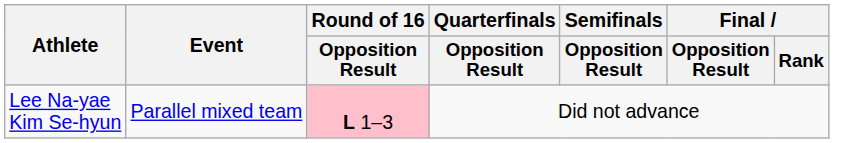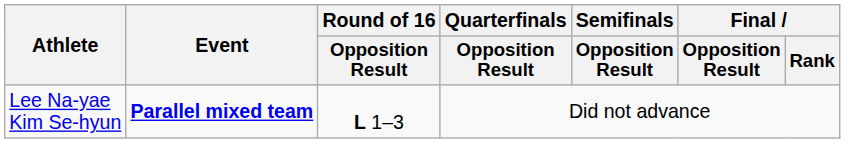 <table class="wikitable" style="font-size:90%">
 <tr>
 <th rowspan="2">Athlete</th>
 <th rowspan="2">Event</th>
 <th>Round of 16</th>
 <th>Quarterfinals</th>
 <th>Semifinals</th>
 <th colspan=2>Final / </th>
 </tr>
 <tr style="font-size:95%">
 <th>Opposition<br>Result</th>
 <th>Opposition<br>Result</th>
 <th>Opposition<br>Result</th>
 <th>Opposition<br>Result</th>
 <th>Rank</th>
 </tr>
 <tr align=center>
 <td align=left><a href='#'>Lee Na-yae</a><br><a href='#'>Kim Se-hyun</a></td>
-<td align=left><a href='#'>Parallel mixed team</a></td>
-<td style="background: pink;"><br><strong>L</strong> 1–3</td>
+<td align=left><strong><a href='#'>Parallel mixed team</a></strong></td>
+<td><br><strong>L</strong> 1–3</td>
 <td colspan=4>Did not advance</td>
 </tr>
 </table>
